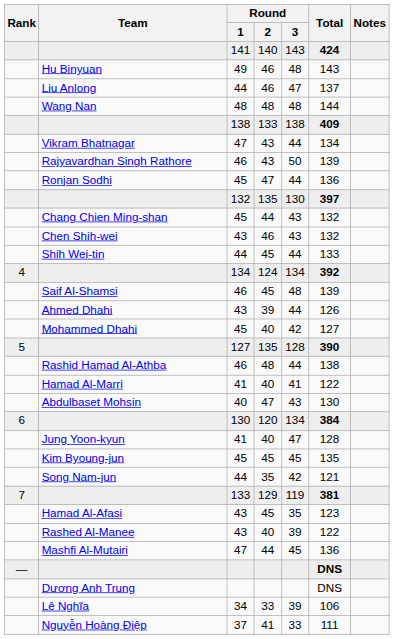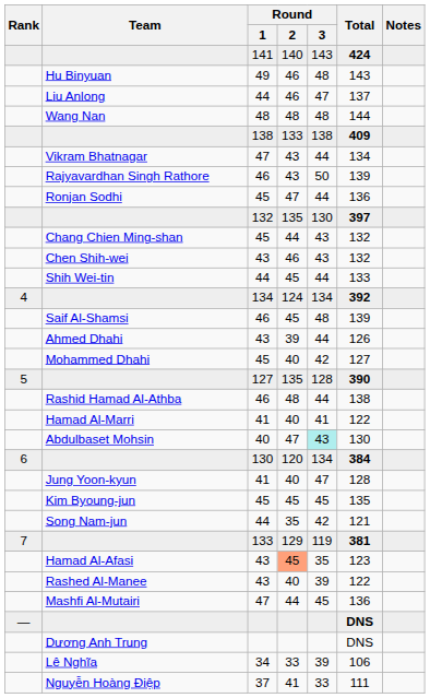 <table class="wikitable" style="text-align:center">
 <tr>
 <th rowspan=2 width=40>Rank</th>
 <th rowspan=2 width=250>Team</th>
 <th colspan=3>Round</th>
 <th rowspan=2 width=50>Total</th>
 <th rowspan=2 width=45>Notes</th>
 </tr>
 <tr>
 <th width=30>1</th>
 <th width=30>2</th>
 <th width=30>3</th>
 </tr>
 <tr bgcolor=eeeeee>
 <td></td>
 <td align=left></td>
 <td>141</td>
 <td>140</td>
 <td>143</td>
 <td><strong>424</strong></td>
 <td></td>
 </tr>
 <tr>
 <td></td>
 <td align=left><a href='#'>Hu Binyuan</a></td>
 <td>49</td>
 <td>46</td>
 <td>48</td>
 <td>143</td>
 <td></td>
 </tr>
 <tr>
 <td></td>
 <td align=left><a href='#'>Liu Anlong</a></td>
 <td>44</td>
 <td>46</td>
 <td>47</td>
 <td>137</td>
 <td></td>
 </tr>
 <tr>
 <td></td>
 <td align=left><a href='#'>Wang Nan</a></td>
 <td>48</td>
 <td>48</td>
 <td>48</td>
 <td>144</td>
 <td></td>
 </tr>
 <tr bgcolor=eeeeee>
 <td></td>
 <td align=left></td>
 <td>138</td>
 <td>133</td>
 <td>138</td>
 <td><strong>409</strong></td>
 <td></td>
 </tr>
 <tr>
 <td></td>
 <td align=left><a href='#'>Vikram Bhatnagar</a></td>
 <td>47</td>
 <td>43</td>
 <td>44</td>
 <td>134</td>
 <td></td>
 </tr>
 <tr>
 <td></td>
 <td align=left><a href='#'>Rajyavardhan Singh Rathore</a></td>
 <td>46</td>
 <td>43</td>
 <td>50</td>
 <td>139</td>
 <td></td>
 </tr>
 <tr>
 <td></td>
 <td align=left><a href='#'>Ronjan Sodhi</a></td>
 <td>45</td>
 <td>47</td>
 <td>44</td>
 <td>136</td>
 <td></td>
 </tr>
 <tr bgcolor=eeeeee>
 <td></td>
 <td align=left></td>
 <td>132</td>
 <td>135</td>
 <td>130</td>
 <td><strong>397</strong></td>
 <td></td>
 </tr>
 <tr>
 <td></td>
 <td align=left><a href='#'>Chang Chien Ming-shan</a></td>
 <td>45</td>
 <td>44</td>
 <td>43</td>
 <td>132</td>
 <td></td>
 </tr>
 <tr>
 <td></td>
 <td align=left><a href='#'>Chen Shih-wei</a></td>
 <td>43</td>
 <td>46</td>
 <td>43</td>
 <td>132</td>
 <td></td>
 </tr>
 <tr>
 <td></td>
 <td align=left><a href='#'>Shih Wei-tin</a></td>
 <td>44</td>
 <td>45</td>
 <td>44</td>
 <td>133</td>
 <td></td>
 </tr>
 <tr bgcolor=eeeeee>
 <td>4</td>
 <td align=left></td>
 <td>134</td>
 <td>124</td>
 <td>134</td>
 <td><strong>392</strong></td>
 <td></td>
 </tr>
 <tr>
 <td></td>
 <td align=left><a href='#'>Saif Al-Shamsi</a></td>
 <td>46</td>
 <td>45</td>
 <td>48</td>
 <td>139</td>
 <td></td>
 </tr>
 <tr>
 <td></td>
 <td align=left><a href='#'>Ahmed Dhahi</a></td>
 <td>43</td>
 <td>39</td>
 <td>44</td>
 <td>126</td>
 <td></td>
 </tr>
 <tr>
 <td></td>
 <td align=left><a href='#'>Mohammed Dhahi</a></td>
 <td>45</td>
 <td>40</td>
 <td>42</td>
 <td>127</td>
 <td></td>
 </tr>
 <tr bgcolor=eeeeee>
 <td>5</td>
 <td align=left></td>
 <td>127</td>
 <td>135</td>
 <td>128</td>
 <td><strong>390</strong></td>
 <td></td>
 </tr>
 <tr>
 <td></td>
 <td align=left><a href='#'>Rashid Hamad Al-Athba</a></td>
 <td>46</td>
 <td>48</td>
 <td>44</td>
 <td>138</td>
 <td></td>
 </tr>
 <tr>
 <td></td>
 <td align=left><a href='#'>Hamad Al-Marri</a></td>
 <td>41</td>
 <td>40</td>
 <td>41</td>
 <td>122</td>
 <td></td>
 </tr>
 <tr>
 <td></td>
 <td align=left><a href='#'>Abdulbaset Mohsin</a></td>
 <td>40</td>
 <td>47</td>
-<td>43</td>
+<td style="background: paleturquoise;">43</td>
 <td>130</td>
 <td></td>
 </tr>
 <tr bgcolor=eeeeee>
 <td>6</td>
 <td align=left></td>
 <td>130</td>
 <td>120</td>
 <td>134</td>
 <td><strong>384</strong></td>
 <td></td>
 </tr>
 <tr>
 <td></td>
 <td align=left><a href='#'>Jung Yoon-kyun</a></td>
 <td>41</td>
 <td>40</td>
 <td>47</td>
 <td>128</td>
 <td></td>
 </tr>
 <tr>
 <td></td>
 <td align=left><a href='#'>Kim Byoung-jun</a></td>
 <td>45</td>
 <td>45</td>
 <td>45</td>
 <td>135</td>
 <td></td>
 </tr>
 <tr>
 <td></td>
 <td align=left><a href='#'>Song Nam-jun</a></td>
 <td>44</td>
 <td>35</td>
 <td>42</td>
 <td>121</td>
 <td></td>
 </tr>
 <tr bgcolor=eeeeee>
 <td>7</td>
 <td align=left></td>
 <td>133</td>
 <td>129</td>
 <td>119</td>
 <td><strong>381</strong></td>
 <td></td>
 </tr>
 <tr>
 <td></td>
 <td align=left><a href='#'>Hamad Al-Afasi</a></td>
 <td>43</td>
-<td>45</td>
+<td style="background: lightsalmon;">45</td>
 <td>35</td>
 <td>123</td>
 <td></td>
 </tr>
 <tr>
 <td></td>
 <td align=left><a href='#'>Rashed Al-Manee</a></td>
 <td>43</td>
 <td>40</td>
 <td>39</td>
 <td>122</td>
 <td></td>
 </tr>
 <tr>
 <td></td>
 <td align=left><a href='#'>Mashfi Al-Mutairi</a></td>
 <td>47</td>
 <td>44</td>
 <td>45</td>
 <td>136</td>
 <td></td>
 </tr>
 <tr bgcolor=eeeeee>
 <td>—</td>
 <td align=left></td>
 <td></td>
 <td></td>
 <td></td>
 <td><strong>DNS</strong></td>
 <td></td>
 </tr>
 <tr>
 <td></td>
 <td align=left><a href='#'>Dương Anh Trung</a></td>
 <td></td>
 <td></td>
 <td></td>
 <td>DNS</td>
 <td></td>
 </tr>
 <tr>
 <td></td>
 <td align=left><a href='#'>Lê Nghĩa</a></td>
 <td>34</td>
 <td>33</td>
 <td>39</td>
 <td>106</td>
 <td></td>
 </tr>
 <tr>
 <td></td>
 <td align=left><a href='#'>Nguyễn Hoàng Điệp</a></td>
 <td>37</td>
 <td>41</td>
 <td>33</td>
 <td>111</td>
 <td></td>
 </tr>
 </table>
